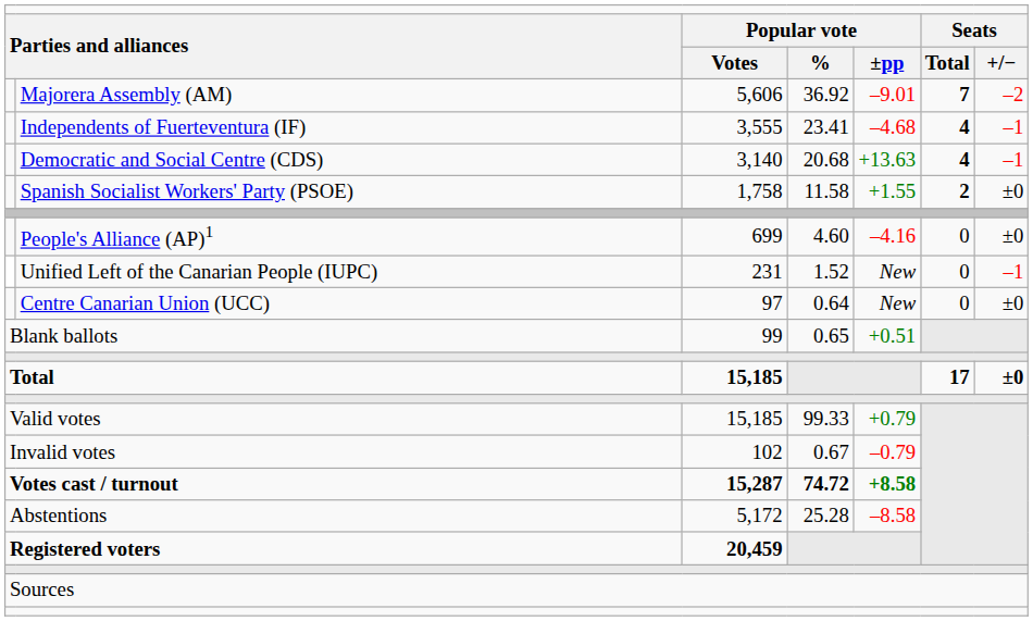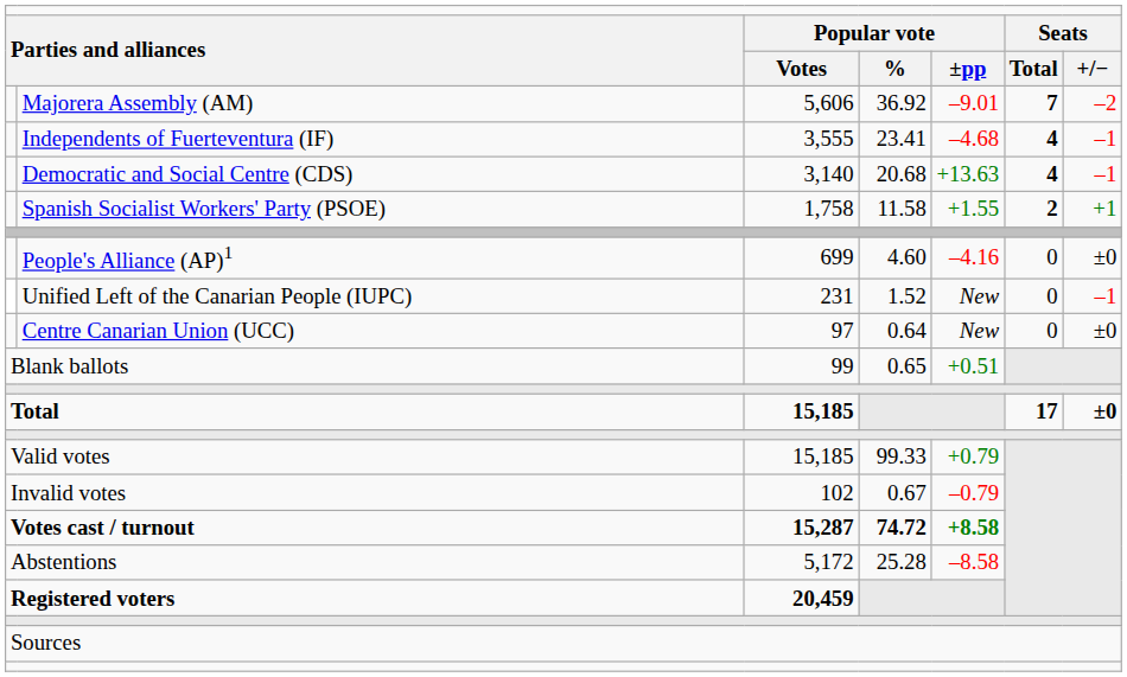 <table class="wikitable" style="text-align:right;">
 <tr>
 <td colspan="7"></td>
 </tr>
 <tr>
 <th style="text-align:left;" rowspan="2" colspan="2" width="525">Parties and alliances</th>
 <th colspan="3">Popular vote</th>
 <th colspan="2">Seats</th>
 </tr>
 <tr>
 <th width="75">Votes</th>
 <th width="45">%</th>
 <th width="45">±<a href='#'>pp</a></th>
 <th width="35">Total</th>
 <th width="35">+/−</th>
 </tr>
 <tr>
 <td width="1" style="color:inherit;background:"></td>
 <td align="left"><a href='#'>Majorera Assembly</a> (AM)</td>
 <td>5,606</td>
 <td>36.92</td>
 <td style="color:red;">–9.01</td>
 <td><strong>7</strong></td>
 <td style="color:red;">–2</td>
 </tr>
 <tr>
 <td style="color:inherit;background:"></td>
 <td align="left"><a href='#'>Independents of Fuerteventura</a> (IF)</td>
 <td>3,555</td>
 <td>23.41</td>
 <td style="color:red;">–4.68</td>
 <td><strong>4</strong></td>
 <td style="color:red;">–1</td>
 </tr>
 <tr>
 <td style="color:inherit;background:"></td>
 <td align="left"><a href='#'>Democratic and Social Centre</a> (CDS)</td>
 <td>3,140</td>
 <td>20.68</td>
 <td style="color:green;">+13.63</td>
 <td><strong>4</strong></td>
 <td style="color:red;">–1</td>
 </tr>
 <tr>
 <td style="color:inherit;background:"></td>
 <td align="left"><a href='#'>Spanish Socialist Workers' Party</a> (PSOE)</td>
 <td>1,758</td>
 <td>11.58</td>
 <td style="color:green;">+1.55</td>
 <td><strong>2</strong></td>
-<td>±0</td>
+<td style="color:green;">+1</td>
 </tr>
 <tr>
 <td colspan="7" bgcolor="#C0C0C0"></td>
 </tr>
 <tr>
 <td style="color:inherit;background:"></td>
 <td align="left"><a href='#'>People's Alliance</a> (AP)<sup>1</sup></td>
 <td>699</td>
 <td>4.60</td>
 <td style="color:red;">–4.16</td>
 <td>0</td>
 <td>±0</td>
 </tr>
 <tr>
 <td bgcolor="white"></td>
 <td align="left">Unified Left of the Canarian People (IUPC)</td>
 <td>231</td>
 <td>1.52</td>
 <td><em>New</em></td>
 <td>0</td>
 <td style="color:red;">–1</td>
 </tr>
 <tr>
 <td style="color:inherit;background:"></td>
 <td align="left"><a href='#'>Centre Canarian Union</a> (UCC)</td>
 <td>97</td>
 <td>0.64</td>
 <td><em>New</em></td>
 <td>0</td>
 <td>±0</td>
 </tr>
 <tr>
 <td align="left" colspan="2">Blank ballots</td>
 <td>99</td>
 <td>0.65</td>
 <td style="color:green;">+0.51</td>
 <td bgcolor="#E9E9E9" colspan="2"></td>
 </tr>
 <tr>
 <td colspan="7" bgcolor="#E9E9E9"></td>
 </tr>
 <tr style="font-weight:bold;">
 <td align="left" colspan="2">Total</td>
 <td>15,185</td>
 <td bgcolor="#E9E9E9" colspan="2"></td>
 <td>17</td>
 <td>±0</td>
 </tr>
 <tr>
 <td colspan="7" bgcolor="#E9E9E9"></td>
 </tr>
 <tr>
 <td align="left" colspan="2">Valid votes</td>
 <td>15,185</td>
 <td>99.33</td>
 <td style="color:green;">+0.79</td>
 <td bgcolor="#E9E9E9" colspan="2" rowspan="5"></td>
 </tr>
 <tr>
 <td align="left" colspan="2">Invalid votes</td>
 <td>102</td>
 <td>0.67</td>
 <td style="color:red;">–0.79</td>
 </tr>
 <tr style="font-weight:bold;">
 <td align="left" colspan="2">Votes cast / turnout</td>
 <td>15,287</td>
 <td>74.72</td>
 <td style="color:green;">+8.58</td>
 </tr>
 <tr>
 <td align="left" colspan="2">Abstentions</td>
 <td>5,172</td>
 <td>25.28</td>
 <td style="color:red;">–8.58</td>
 </tr>
 <tr style="font-weight:bold;">
 <td align="left" colspan="2">Registered voters</td>
 <td>20,459</td>
 <td bgcolor="#E9E9E9" colspan="2"></td>
 </tr>
 <tr>
 <td colspan="7" bgcolor="#E9E9E9"></td>
 </tr>
 <tr>
 <td align="left" colspan="7">Sources</td>
 </tr>
 <tr>
 <td colspan="7" style="text-align:left; max-width:790px;"></td>
 </tr>
 </table>
